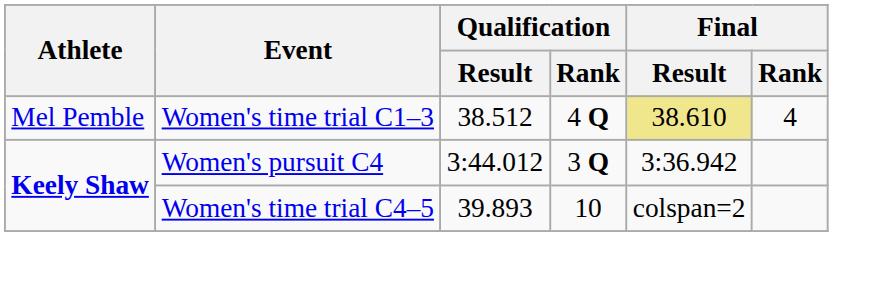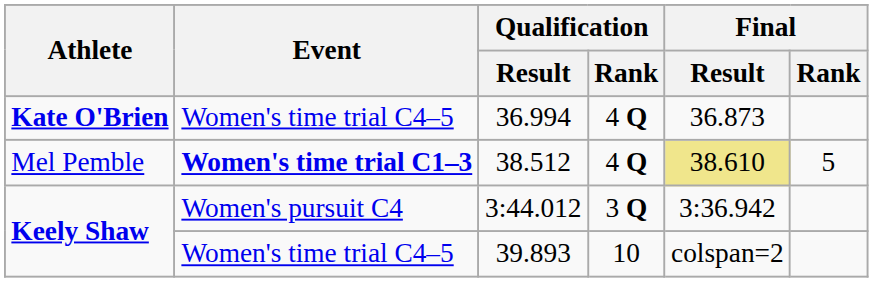 <table class=wikitable style="font-size:90%">
 <tr>
 <th rowspan="2">Athlete</th>
 <th rowspan="2">Event</th>
 <th colspan="2">Qualification</th>
 <th colspan="2">Final</th>
 </tr>
 <tr>
 <th>Result</th>
 <th>Rank</th>
 <th>Result</th>
 <th>Rank</th>
 </tr>
+<tr align="center">
+<td><strong><a href='#'>Kate O'Brien</a></strong></td>
+<td align="left"><a href='#'>Women's time trial C4–5</a></td>
+<td>36.994</td>
+<td>4 <strong>Q</strong></td>
+<td>36.873</td>
+<td></td>
+</tr>
 <tr align=center>
 <td align=left><a href='#'>Mel Pemble</a></td>
-<td align=left><a href='#'>Women's time trial C1–3</a></td>
+<td align=left><strong><a href='#'>Women's time trial C1–3</a></strong></td>
 <td>38.512</td>
 <td>4 <strong>Q</strong></td>
 <td style="background: khaki;">38.610</td>
-<td>4</td>
+<td>5</td>
 </tr>
 <tr align=center>
 <td align=left rowspan=2><strong><a href='#'>Keely Shaw</a></strong></td>
 <td align=left><a href='#'>Women's pursuit C4</a></td>
 <td>3:44.012</td>
 <td>3 <strong>Q</strong></td>
 <td>3:36.942</td>
 <td></td>
 </tr>
 <tr align=center>
 <td align=left><a href='#'>Women's time trial C4–5</a></td>
 <td>39.893</td>
 <td>10</td>
 <td>colspan=2 </td>
 </tr>
 </table>
